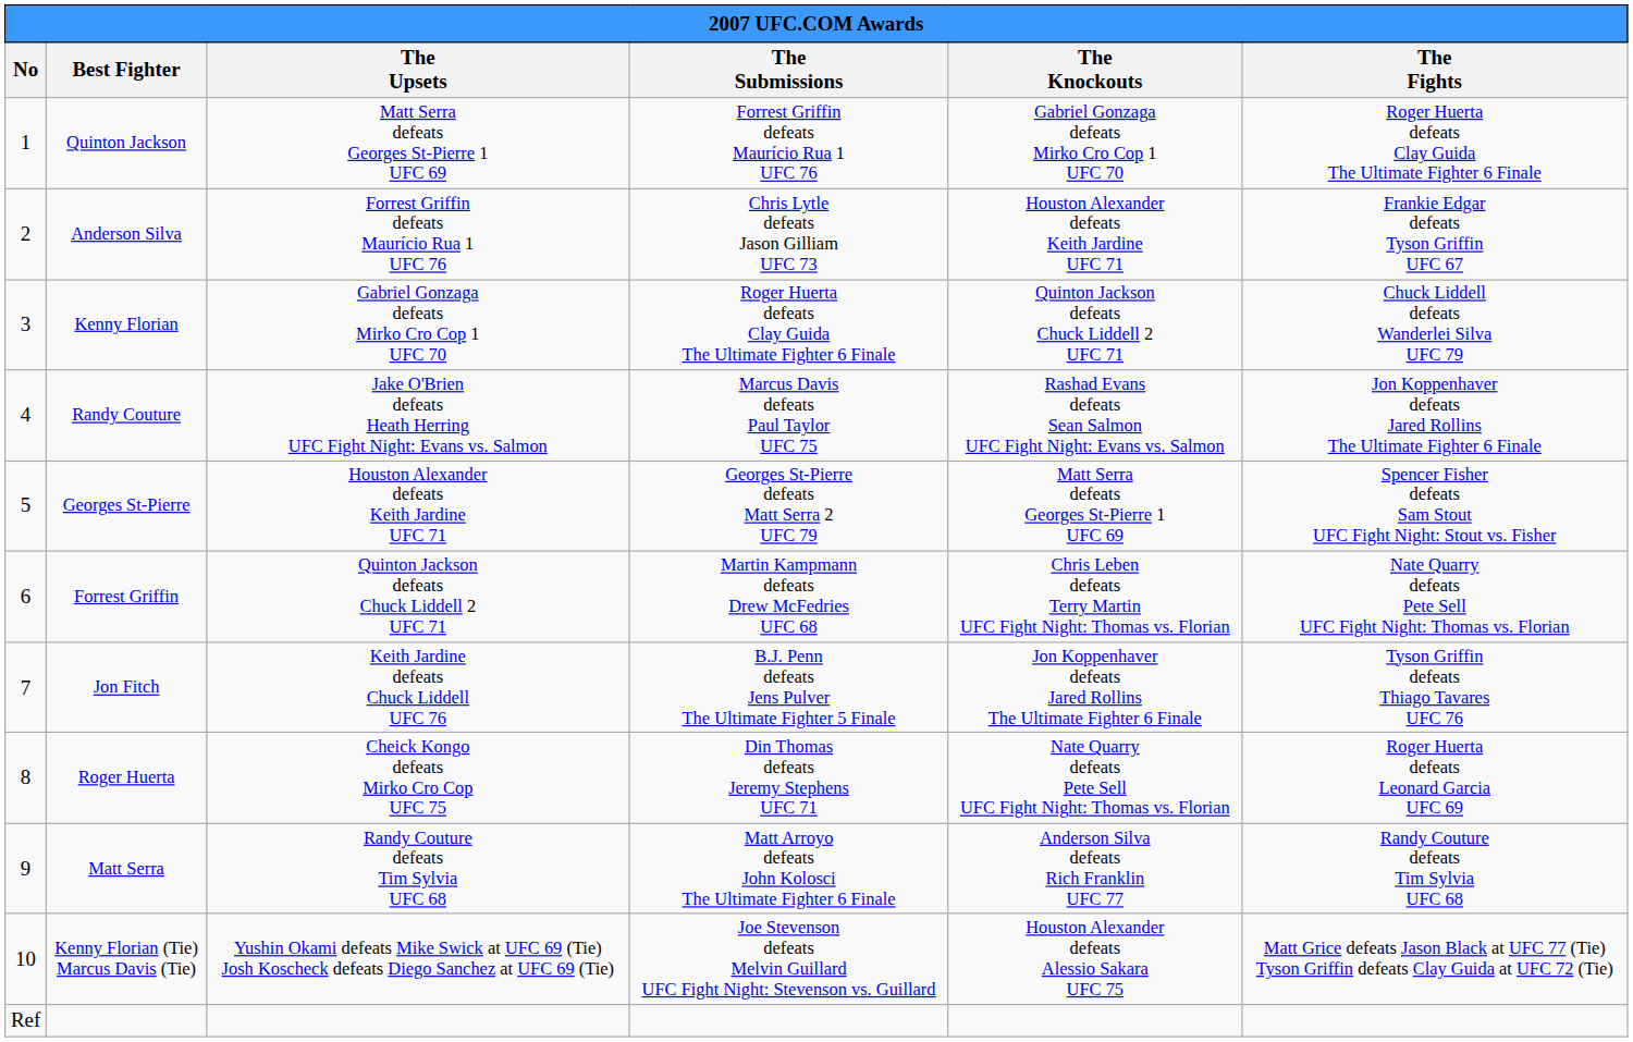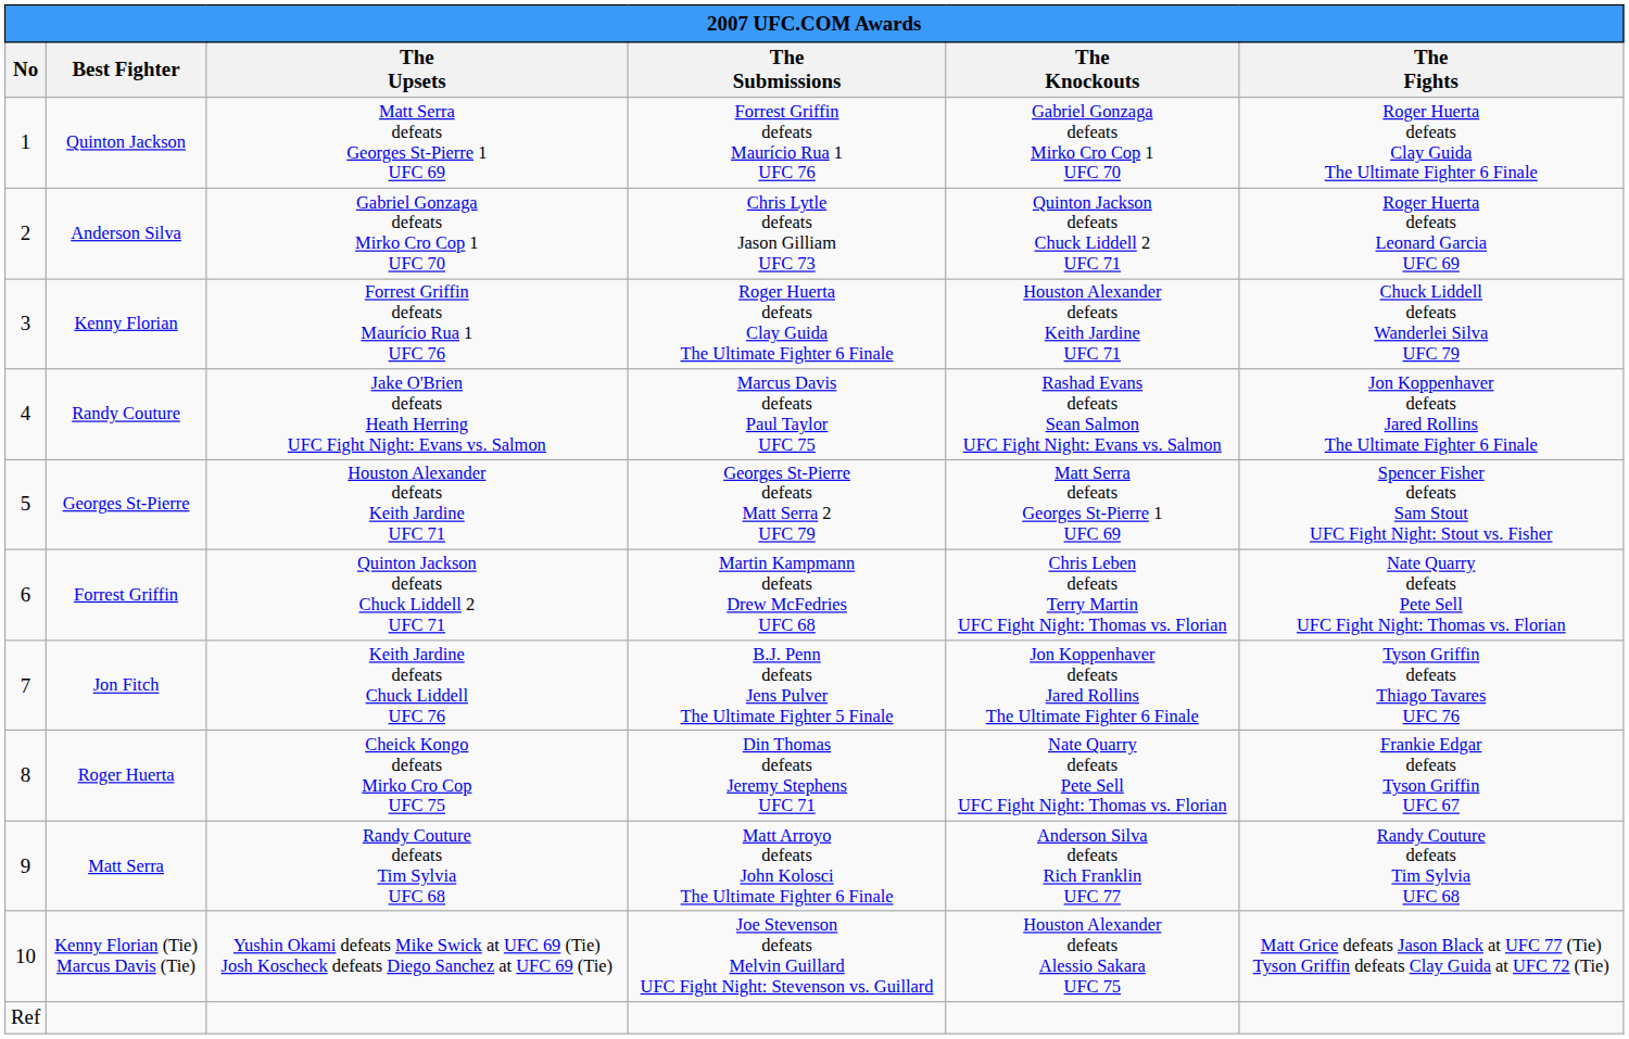 <table class="wikitable" width="100%" style="text-align:Center">
 <tr>
 <th colspan="6" style="border: 1px solid black; padding: 5px; background: #3B99FA;">2007 UFC.COM Awards</th>
 </tr>
 <tr>
 <th>No</th>
 <th>Best Fighter</th>
 <th>The<br>Upsets</th>
 <th>The<br>Submissions</th>
 <th>The<br>Knockouts</th>
 <th>The<br>Fights</th>
 </tr>
 <tr>
 <td>1</td>
 <td style="font-size:87%"><a href='#'>Quinton Jackson</a></td>
 <td style="font-size:87%"><a href='#'>Matt Serra</a> <br> defeats <br> <a href='#'>Georges St-Pierre</a> 1 <br> <a href='#'>UFC 69</a></td>
 <td style="font-size:87%"><a href='#'>Forrest Griffin</a> <br> defeats <br> <a href='#'>Maurício Rua</a> 1<br> <a href='#'>UFC 76</a></td>
 <td style="font-size:87%"><a href='#'>Gabriel Gonzaga</a> <br> defeats  <br> <a href='#'>Mirko Cro Cop</a> 1 <br> <a href='#'>UFC 70</a></td>
 <td style="font-size:87%"><a href='#'>Roger Huerta</a> <br> defeats  <br> <a href='#'>Clay Guida</a> <br> <a href='#'>The Ultimate Fighter 6 Finale</a></td>
 </tr>
 <tr>
 <td>2</td>
 <td style="font-size:87%"><a href='#'>Anderson Silva</a></td>
-<td style="font-size:87%"><a href='#'>Forrest Griffin</a> <br> defeats  <br> <a href='#'>Maurício Rua</a> 1 <br> <a href='#'>UFC 76</a></td>
+<td style="font-size:87%"><a href='#'>Gabriel Gonzaga</a> <br> defeats  <br> <a href='#'>Mirko Cro Cop</a> 1 <br> <a href='#'>UFC 70</a></td>
 <td style="font-size:87%"><a href='#'>Chris Lytle</a> <br> defeats <br> Jason Gilliam <br> <a href='#'>UFC 73</a></td>
-<td style="font-size:87%"><a href='#'>Houston Alexander</a> <br> defeats <br> <a href='#'>Keith Jardine</a> <br> <a href='#'>UFC 71</a></td>
-<td style="font-size:87%"><a href='#'>Frankie Edgar</a> <br> defeats <br> <a href='#'>Tyson Griffin</a> <br> <a href='#'>UFC 67</a></td>
+<td style="font-size:87%"><a href='#'>Quinton Jackson</a> <br> defeats <br> <a href='#'>Chuck Liddell</a> 2 <br> <a href='#'>UFC 71</a></td>
+<td style="font-size:87%"><a href='#'>Roger Huerta</a> <br> defeats <br> <a href='#'>Leonard Garcia</a> <br> <a href='#'>UFC 69</a></td>
 </tr>
 <tr>
 <td>3</td>
 <td style="font-size:87%"><a href='#'>Kenny Florian</a></td>
-<td style="font-size:87%"><a href='#'>Gabriel Gonzaga</a> <br> defeats  <br> <a href='#'>Mirko Cro Cop</a> 1 <br> <a href='#'>UFC 70</a></td>
+<td style="font-size:87%"><a href='#'>Forrest Griffin</a> <br> defeats  <br> <a href='#'>Maurício Rua</a> 1 <br> <a href='#'>UFC 76</a></td>
 <td style="font-size:87%"><a href='#'>Roger Huerta</a> <br> defeats  <br> <a href='#'>Clay Guida</a> <br> <a href='#'>The Ultimate Fighter 6 Finale</a></td>
-<td style="font-size:87%"><a href='#'>Quinton Jackson</a> <br> defeats <br> <a href='#'>Chuck Liddell</a> 2 <br> <a href='#'>UFC 71</a></td>
+<td style="font-size:87%"><a href='#'>Houston Alexander</a> <br> defeats <br> <a href='#'>Keith Jardine</a> <br> <a href='#'>UFC 71</a></td>
 <td style="font-size:87%"><a href='#'>Chuck Liddell</a> <br> defeats <br> <a href='#'>Wanderlei Silva</a> <br> <a href='#'>UFC 79</a></td>
 </tr>
 <tr>
 <td>4</td>
 <td style="font-size:87%"><a href='#'>Randy Couture</a></td>
 <td style="font-size:87%"><a href='#'>Jake O'Brien</a> <br> defeats <br> <a href='#'>Heath Herring</a> <br> <a href='#'>UFC Fight Night: Evans vs. Salmon</a></td>
 <td style="font-size:87%"><a href='#'>Marcus Davis</a> <br> defeats <br> <a href='#'>Paul Taylor</a> <br> <a href='#'>UFC 75</a></td>
 <td style="font-size:87%"><a href='#'>Rashad Evans</a> <br> defeats <br> <a href='#'>Sean Salmon</a> <br> <a href='#'>UFC Fight Night: Evans vs. Salmon</a></td>
 <td style="font-size:87%"><a href='#'>Jon Koppenhaver</a> <br> defeats <br> <a href='#'>Jared Rollins</a> <br> <a href='#'>The Ultimate Fighter 6 Finale</a></td>
 </tr>
 <tr>
 <td>5</td>
 <td style="font-size:87%"><a href='#'>Georges St-Pierre</a></td>
 <td style="font-size:87%"><a href='#'>Houston Alexander</a> <br> defeats <br> <a href='#'>Keith Jardine</a> <br> <a href='#'>UFC 71</a></td>
 <td style="font-size:87%"><a href='#'>Georges St-Pierre</a> <br> defeats <br> <a href='#'>Matt Serra</a> 2 <br> <a href='#'>UFC 79</a></td>
 <td style="font-size:87%"><a href='#'>Matt Serra</a> <br> defeats <br> <a href='#'>Georges St-Pierre</a> 1 <br> <a href='#'>UFC 69</a></td>
 <td style="font-size:87%"><a href='#'>Spencer Fisher</a> <br> defeats <br> <a href='#'>Sam Stout</a> <br> <a href='#'>UFC Fight Night: Stout vs. Fisher</a></td>
 </tr>
 <tr>
 <td>6</td>
 <td style="font-size:87%"><a href='#'>Forrest Griffin</a></td>
 <td style="font-size:87%"><a href='#'>Quinton Jackson</a> <br> defeats <br> <a href='#'>Chuck Liddell</a> 2 <br> <a href='#'>UFC 71</a></td>
 <td style="font-size:87%"><a href='#'>Martin Kampmann</a> <br> defeats <br> <a href='#'>Drew McFedries</a> <br> <a href='#'>UFC 68</a></td>
 <td style="font-size:87%"><a href='#'>Chris Leben</a> <br> defeats <br> <a href='#'>Terry Martin</a> <br> <a href='#'>UFC Fight Night: Thomas vs. Florian</a></td>
 <td style="font-size:87%"><a href='#'>Nate Quarry</a> <br> defeats <br> <a href='#'>Pete Sell</a> <br> <a href='#'>UFC Fight Night: Thomas vs. Florian</a></td>
 </tr>
 <tr>
 <td>7</td>
 <td style="font-size:87%"><a href='#'>Jon Fitch</a></td>
 <td style="font-size:87%"><a href='#'>Keith Jardine</a> <br> defeats <br> <a href='#'>Chuck Liddell</a> <br> <a href='#'>UFC 76</a></td>
 <td style="font-size:87%"><a href='#'>B.J. Penn</a> <br> defeats <br> <a href='#'>Jens Pulver</a> <br> <a href='#'>The Ultimate Fighter 5 Finale</a></td>
 <td style="font-size:87%"><a href='#'>Jon Koppenhaver</a> <br> defeats <br> <a href='#'>Jared Rollins</a> <br> <a href='#'>The Ultimate Fighter 6 Finale</a></td>
 <td style="font-size:87%"><a href='#'>Tyson Griffin</a> <br> defeats <br> <a href='#'>Thiago Tavares</a> <br> <a href='#'>UFC 76</a></td>
 </tr>
 <tr>
 <td>8</td>
 <td style="font-size:87%"><a href='#'>Roger Huerta</a></td>
 <td style="font-size:87%"><a href='#'>Cheick Kongo</a> <br> defeats <br> <a href='#'>Mirko Cro Cop</a> <br> <a href='#'>UFC 75</a></td>
 <td style="font-size:87%"><a href='#'>Din Thomas</a> <br> defeats <br> <a href='#'>Jeremy Stephens</a> <br> <a href='#'>UFC 71</a></td>
 <td style="font-size:87%"><a href='#'>Nate Quarry</a> <br> defeats <br> <a href='#'>Pete Sell</a> <br> <a href='#'>UFC Fight Night: Thomas vs. Florian</a></td>
-<td style="font-size:87%"><a href='#'>Roger Huerta</a> <br> defeats <br> <a href='#'>Leonard Garcia</a> <br> <a href='#'>UFC 69</a></td>
+<td style="font-size:87%"><a href='#'>Frankie Edgar</a> <br> defeats <br> <a href='#'>Tyson Griffin</a> <br> <a href='#'>UFC 67</a></td>
 </tr>
 <tr>
 <td>9</td>
 <td style="font-size:87%"><a href='#'>Matt Serra</a></td>
 <td style="font-size:87%"><a href='#'>Randy Couture</a> <br> defeats <br>  <a href='#'>Tim Sylvia</a> <br> <a href='#'>UFC 68</a></td>
 <td style="font-size:87%"><a href='#'>Matt Arroyo</a> <br> defeats <br> <a href='#'>John Kolosci</a> <br> <a href='#'>The Ultimate Fighter 6 Finale</a></td>
 <td style="font-size:87%"><a href='#'>Anderson Silva</a> <br> defeats <br> <a href='#'>Rich Franklin</a> <br> <a href='#'>UFC 77</a></td>
 <td style="font-size:87%"><a href='#'>Randy Couture</a> <br> defeats <br> <a href='#'>Tim Sylvia</a> <br> <a href='#'>UFC 68</a></td>
 </tr>
 <tr>
 <td>10</td>
 <td style="font-size:87%"><a href='#'>Kenny Florian</a> (Tie) <br> <a href='#'>Marcus Davis</a> (Tie)</td>
 <td style="font-size:87%"><a href='#'>Yushin Okami</a> defeats <a href='#'>Mike Swick</a> at <a href='#'>UFC 69</a> (Tie) <br> <a href='#'>Josh Koscheck</a> defeats <a href='#'>Diego Sanchez</a> at <a href='#'>UFC 69</a> (Tie)</td>
 <td style="font-size:87%"><a href='#'>Joe Stevenson</a> <br> defeats <br> <a href='#'>Melvin Guillard</a> <br> <a href='#'>UFC Fight Night: Stevenson vs. Guillard</a></td>
 <td style="font-size:87%"><a href='#'>Houston Alexander</a><br> defeats <br> <a href='#'>Alessio Sakara</a> <br> <a href='#'>UFC 75</a></td>
 <td style="font-size:87%"><a href='#'>Matt Grice</a> defeats <a href='#'>Jason Black</a> at <a href='#'>UFC 77</a> (Tie) <br> <a href='#'>Tyson Griffin</a> defeats <a href='#'>Clay Guida</a> at <a href='#'>UFC 72</a> (Tie)</td>
 </tr>
 <tr>
 <td>Ref</td>
 <td></td>
 <td></td>
 <td></td>
 <td></td>
 <td></td>
 </tr>
 </table>
